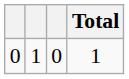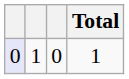 <table class="wikitable">
 <tr>
 <th></th>
 <th></th>
 <th></th>
 <th>Total</th>
 </tr>
 <tr style="text-align:center;">
-<td>0</td>
+<td style="background: lavender;">0</td>
 <td>1</td>
 <td>0</td>
 <td>1</td>
 </tr>
 </table>
